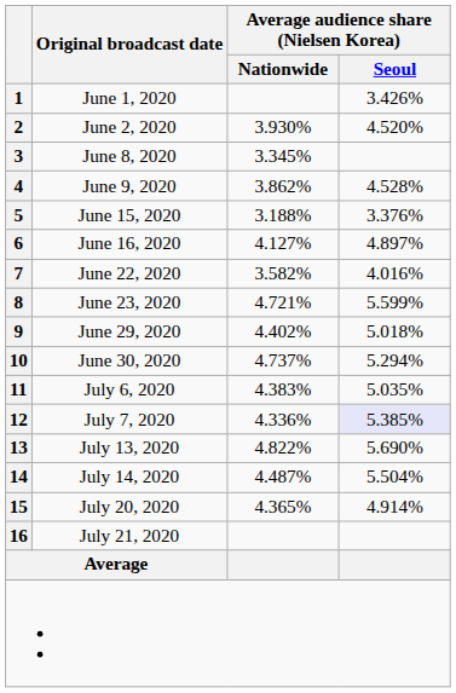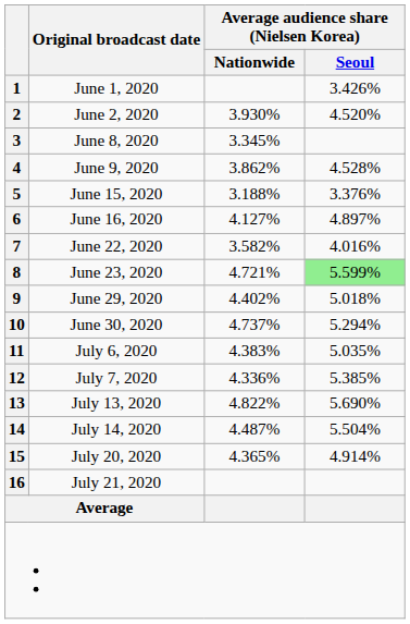 <table class="wikitable" style="text-align:center;max-width:450px; margin-left: auto; margin-right: auto; border: none;">
 <tr>
 </tr>
 <tr>
 <th rowspan="2"></th>
 <th rowspan="2">Original broadcast date</th>
 <th colspan="2">Average audience share<br>(Nielsen Korea)</th>
 </tr>
 <tr>
 <th width="90">Nationwide</th>
 <th width="90"><a href='#'>Seoul</a></th>
 </tr>
 <tr>
 <th>1</th>
 <td>June 1, 2020</td>
 <td></td>
 <td>3.426%</td>
 </tr>
 <tr>
 <th>2</th>
 <td>June 2, 2020</td>
 <td>3.930%</td>
 <td>4.520%</td>
 </tr>
 <tr>
 <th>3</th>
 <td>June 8, 2020</td>
 <td>3.345%</td>
 <td></td>
 </tr>
 <tr>
 <th>4</th>
 <td>June 9, 2020</td>
 <td>3.862%</td>
 <td>4.528%</td>
 </tr>
 <tr>
 <th>5</th>
 <td>June 15, 2020</td>
 <td>3.188%</td>
 <td>3.376%</td>
 </tr>
 <tr>
 <th>6</th>
 <td>June 16, 2020</td>
 <td>4.127%</td>
 <td>4.897%</td>
 </tr>
 <tr>
 <th>7</th>
 <td>June 22, 2020</td>
 <td>3.582%</td>
 <td>4.016%</td>
 </tr>
 <tr>
 <th>8</th>
 <td>June 23, 2020</td>
 <td>4.721%</td>
-<td>5.599%</td>
+<td style="background: lightgreen;">5.599%</td>
 </tr>
 <tr>
 <th>9</th>
 <td>June 29, 2020</td>
 <td>4.402%</td>
 <td>5.018%</td>
 </tr>
 <tr>
 <th>10</th>
 <td>June 30, 2020</td>
 <td>4.737%</td>
 <td>5.294%</td>
 </tr>
 <tr>
 <th>11</th>
 <td>July 6, 2020</td>
 <td>4.383%</td>
 <td>5.035%</td>
 </tr>
 <tr>
 <th>12</th>
 <td>July 7, 2020</td>
 <td>4.336%</td>
-<td style="background: lavender;">5.385%</td>
+<td>5.385%</td>
 </tr>
 <tr>
 <th>13</th>
 <td>July 13, 2020</td>
 <td>4.822%</td>
 <td>5.690%</td>
 </tr>
 <tr>
 <th>14</th>
 <td>July 14, 2020</td>
 <td>4.487%</td>
 <td>5.504%</td>
 </tr>
 <tr>
 <th>15</th>
 <td>July 20, 2020</td>
 <td>4.365%</td>
 <td>4.914%</td>
 </tr>
 <tr>
 <th>16</th>
 <td>July 21, 2020</td>
 <td></td>
 <td></td>
 </tr>
 <tr>
 <th colspan="2">Average</th>
 <th></th>
 <th></th>
 </tr>
 <tr>
 <td colspan="6"><br><ul><li></li><li></li></ul></td>
 </tr>
 </table>
